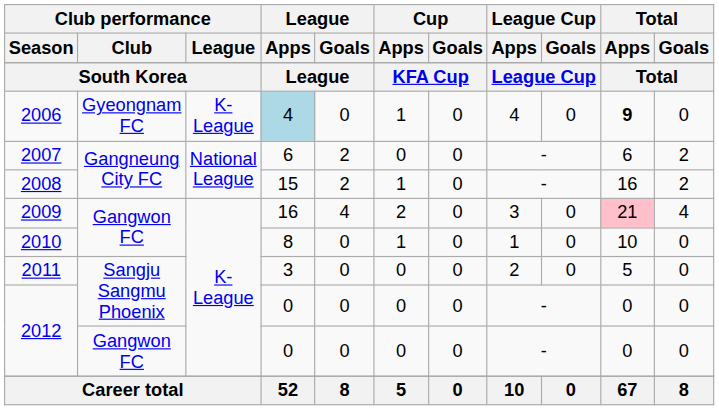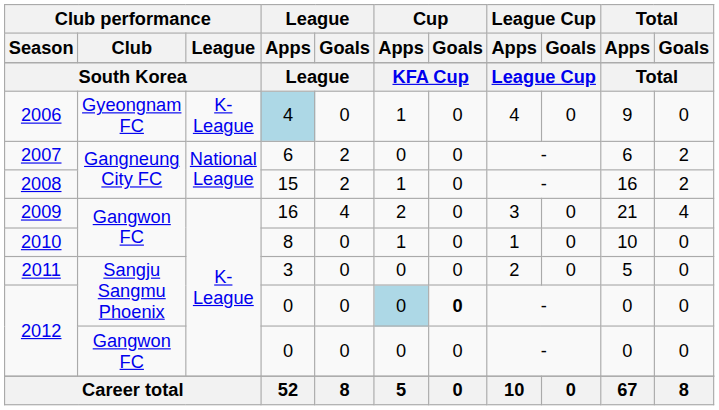 <table class="wikitable" style="text-align:center">
 <tr>
 <th colspan=3>Club performance</th>
 <th colspan=2>League</th>
 <th colspan=2>Cup</th>
 <th colspan=2>League Cup</th>
 <th colspan=2>Total</th>
 </tr>
 <tr>
 <th>Season</th>
 <th>Club</th>
 <th>League</th>
 <th>Apps</th>
 <th>Goals</th>
 <th>Apps</th>
 <th>Goals</th>
 <th>Apps</th>
 <th>Goals</th>
 <th>Apps</th>
 <th>Goals</th>
 </tr>
 <tr>
 </tr>
 <tr>
 <th colspan=3>South Korea</th>
 <th colspan=2>League</th>
 <th colspan=2><a href='#'>KFA Cup</a></th>
 <th colspan=2><a href='#'>League Cup</a></th>
 <th colspan=2>Total</th>
 </tr>
 <tr>
 <td><a href='#'>2006</a></td>
 <td rowspan=1><a href='#'>Gyeongnam FC</a></td>
 <td rowspan=1><a href='#'>K-League</a></td>
 <td style="background: lightblue;">4</td>
 <td>0</td>
 <td>1</td>
 <td>0</td>
 <td>4</td>
 <td>0</td>
-<td><strong>9</strong></td>
+<td>9</td>
 <td>0</td>
 </tr>
 <tr>
 <td><a href='#'>2007</a></td>
 <td rowspan=2><a href='#'>Gangneung City FC</a></td>
 <td rowspan=2><a href='#'>National League</a></td>
 <td>6</td>
 <td>2</td>
 <td>0</td>
 <td>0</td>
 <td colspan=2>-</td>
 <td>6</td>
 <td>2</td>
 </tr>
 <tr>
 <td><a href='#'>2008</a></td>
 <td>15</td>
 <td>2</td>
 <td>1</td>
 <td>0</td>
 <td colspan=2>-</td>
 <td>16</td>
 <td>2</td>
 </tr>
 <tr>
 <td><a href='#'>2009</a></td>
 <td rowspan=2><a href='#'>Gangwon FC</a></td>
 <td rowspan=5><a href='#'>K-League</a></td>
 <td>16</td>
 <td>4</td>
 <td>2</td>
 <td>0</td>
 <td>3</td>
 <td>0</td>
-<td style="background: pink;">21</td>
+<td>21</td>
 <td>4</td>
 </tr>
 <tr>
 <td><a href='#'>2010</a></td>
 <td>8</td>
 <td>0</td>
 <td>1</td>
 <td>0</td>
 <td>1</td>
 <td>0</td>
 <td>10</td>
 <td>0</td>
 </tr>
 <tr>
 <td><a href='#'>2011</a></td>
 <td rowspan=2><a href='#'>Sangju Sangmu Phoenix</a></td>
 <td>3</td>
 <td>0</td>
 <td>0</td>
 <td>0</td>
 <td>2</td>
 <td>0</td>
 <td>5</td>
 <td>0</td>
 </tr>
 <tr>
 <td rowspan=2><a href='#'>2012</a></td>
 <td>0</td>
 <td>0</td>
-<td>0</td>
-<td>0</td>
+<td style="background: lightblue;">0</td>
+<td><strong>0</strong></td>
 <td colspan=2>-</td>
 <td>0</td>
 <td>0</td>
 </tr>
 <tr>
 <td rowspan=1><a href='#'>Gangwon FC</a></td>
 <td>0</td>
 <td>0</td>
 <td>0</td>
 <td>0</td>
 <td colspan=2>-</td>
 <td>0</td>
 <td>0</td>
 </tr>
 <tr>
 </tr>
 <tr>
 <th colspan=3>Career total</th>
 <th>52</th>
 <th>8</th>
 <th>5</th>
 <th>0</th>
 <th>10</th>
 <th>0</th>
 <th>67</th>
 <th>8</th>
 </tr>
 </table>
